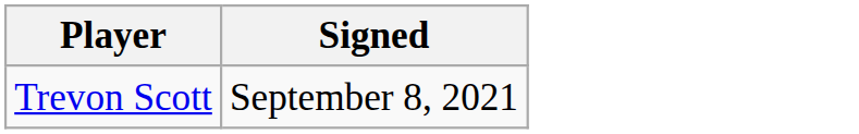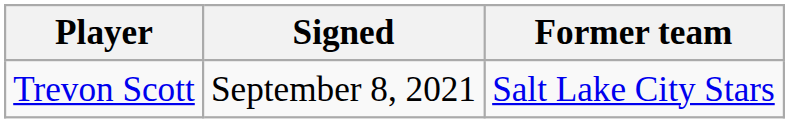 <table class="wikitable sortable sortable" style="text-align: center">
 <tr>
 <th>Player</th>
 <th>Signed</th>
+<th>Former team</th>
 </tr>
 <tr style="text-align: center">
 <td><a href='#'>Trevon Scott</a></td>
 <td>September 8, 2021</td>
+<td><a href='#'>Salt Lake City Stars</a></td>
 </tr>
 </table>
